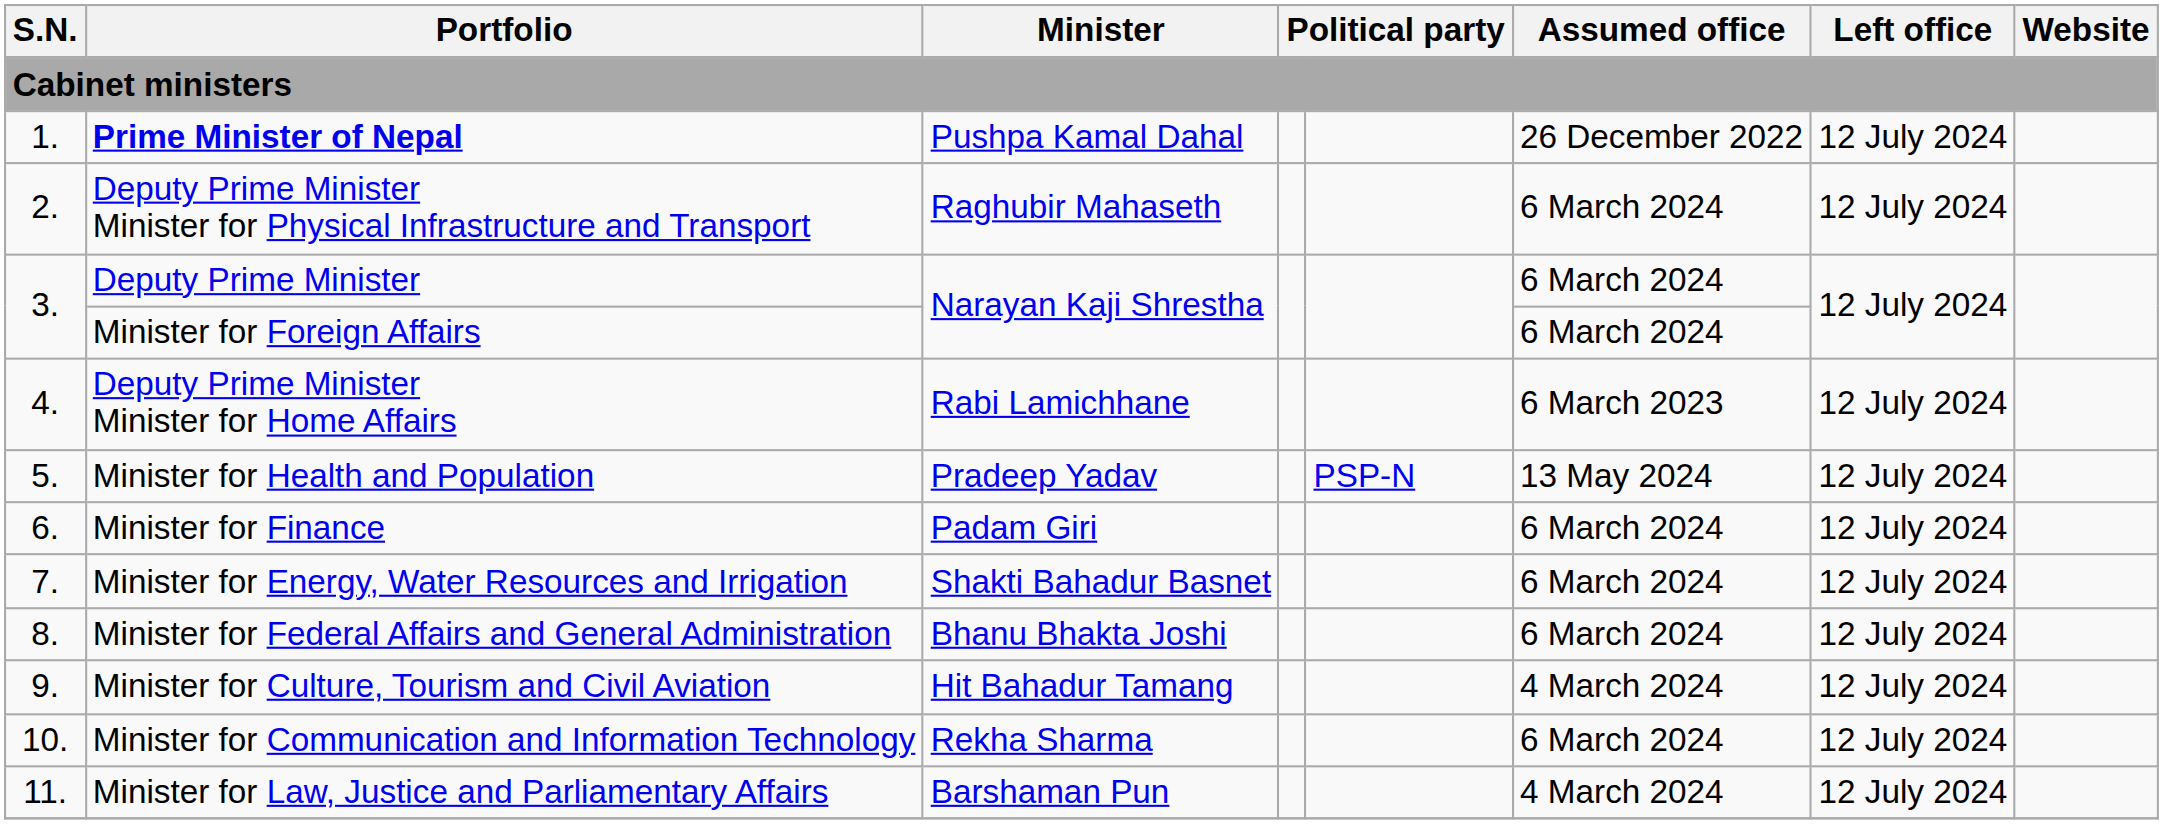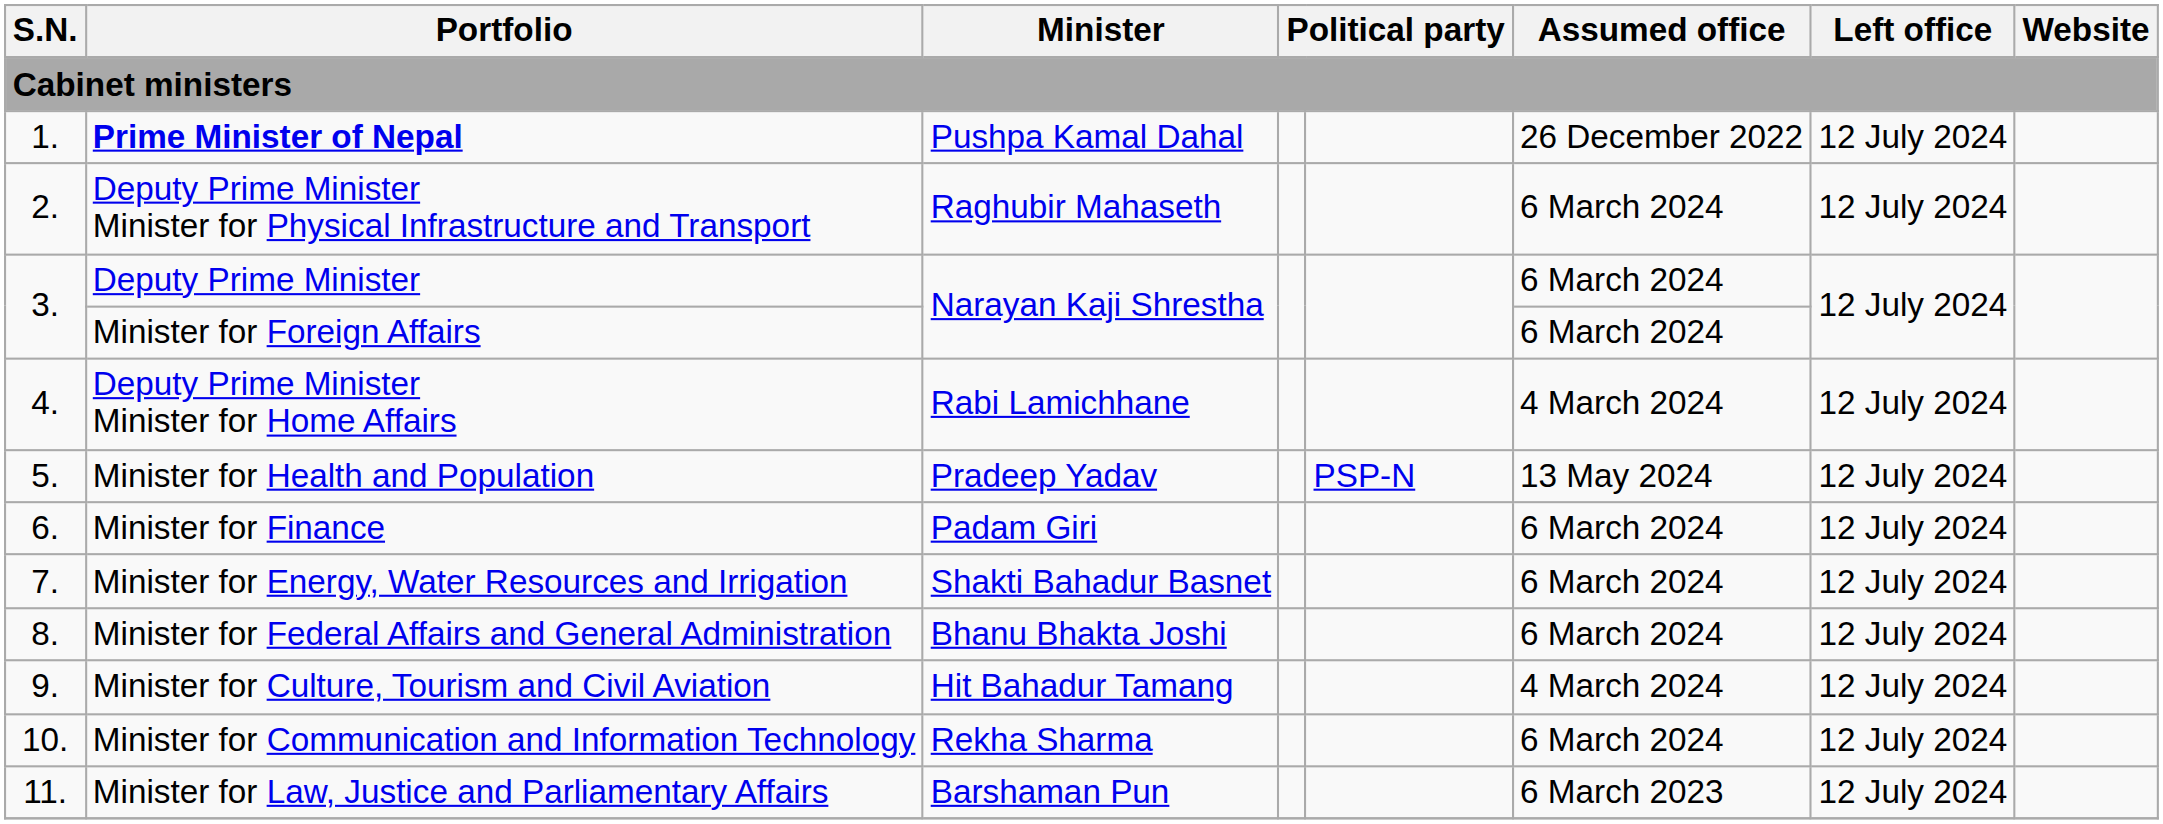 <table class="wikitable">
 <tr>
 <th>S.N.</th>
 <th>Portfolio</th>
 <th>Minister</th>
 <th colspan="2">Political party</th>
 <th>Assumed office</th>
 <th>Left office</th>
 <th>Website</th>
 </tr>
 <tr>
 <td colspan="8" bgcolor="darkgrey"><strong>Cabinet ministers</strong></td>
 </tr>
 <tr>
 <td style="text-align:center;">1.</td>
 <td><strong><a href='#'>Prime Minister of Nepal</a></strong></td>
 <td><a href='#'>Pushpa Kamal Dahal</a></td>
 <td></td>
 <td></td>
 <td>26 December 2022</td>
 <td>12 July 2024</td>
 <td></td>
 </tr>
 <tr>
 <td style="text-align:center;">2.</td>
 <td><a href='#'>Deputy Prime Minister</a><br>Minister for <a href='#'>Physical Infrastructure and Transport</a></td>
 <td><a href='#'>Raghubir Mahaseth</a></td>
 <td></td>
 <td></td>
 <td>6 March 2024</td>
 <td>12 July 2024</td>
 <td></td>
 </tr>
 <tr>
 <td rowspan="2" style="text-align:center;">3.</td>
 <td><a href='#'>Deputy Prime Minister</a></td>
 <td rowspan="2"><a href='#'>Narayan Kaji Shrestha</a></td>
 <td rowspan="2"></td>
 <td rowspan="2"></td>
 <td>6 March 2024</td>
 <td rowspan="2">12 July 2024</td>
 <td rowspan="2"></td>
 </tr>
 <tr>
 <td>Minister for <a href='#'>Foreign Affairs</a></td>
 <td>6 March 2024</td>
 </tr>
 <tr>
 <td style="text-align:center;">4.</td>
 <td><a href='#'>Deputy Prime Minister</a><br>Minister for <a href='#'>Home Affairs</a></td>
 <td><a href='#'>Rabi Lamichhane</a></td>
 <td></td>
 <td></td>
-<td>6 March 2023</td>
+<td>4 March 2024</td>
 <td>12 July 2024</td>
 <td></td>
 </tr>
 <tr>
 <td style="text-align:center;">5.</td>
 <td>Minister for <a href='#'>Health and Population</a></td>
 <td><a href='#'>Pradeep Yadav</a></td>
 <td></td>
 <td><a href='#'>PSP-N</a></td>
 <td>13 May 2024</td>
 <td>12 July 2024</td>
 <td></td>
 </tr>
 <tr>
 <td style="text-align:center;">6.</td>
 <td>Minister for <a href='#'>Finance</a></td>
 <td><a href='#'>Padam Giri</a></td>
 <td></td>
 <td></td>
 <td>6 March 2024</td>
 <td>12 July 2024</td>
 <td></td>
 </tr>
 <tr>
 <td style="text-align:center;">7.</td>
 <td>Minister for <a href='#'>Energy, Water Resources and Irrigation</a></td>
 <td><a href='#'>Shakti Bahadur Basnet</a></td>
 <td></td>
 <td></td>
 <td>6 March 2024</td>
 <td>12 July 2024</td>
 <td> </td>
 </tr>
 <tr>
 <td style="text-align:center;">8.</td>
 <td>Minister for <a href='#'>Federal Affairs and General Administration</a></td>
 <td><a href='#'>Bhanu Bhakta Joshi</a></td>
 <td></td>
 <td></td>
 <td>6 March 2024</td>
 <td>12 July 2024</td>
 <td></td>
 </tr>
 <tr>
 <td style="text-align:center;">9.</td>
 <td>Minister for <a href='#'>Culture, Tourism and Civil Aviation</a></td>
 <td><a href='#'>Hit Bahadur Tamang</a></td>
 <td></td>
 <td></td>
 <td>4 March 2024</td>
 <td>12 July 2024</td>
 <td></td>
 </tr>
 <tr>
 <td style="text-align:center;">10.</td>
 <td>Minister for <a href='#'>Communication and Information Technology</a></td>
 <td><a href='#'>Rekha Sharma</a></td>
 <td></td>
 <td></td>
 <td>6 March 2024</td>
 <td>12 July 2024</td>
 <td></td>
 </tr>
 <tr>
 <td style="text-align:center;">11.</td>
 <td>Minister for <a href='#'>Law, Justice and Parliamentary Affairs</a></td>
 <td><a href='#'>Barshaman Pun</a></td>
 <td></td>
 <td></td>
-<td>4 March 2024</td>
+<td>6 March 2023</td>
 <td>12 July 2024</td>
 <td></td>
 </tr>
 <tr>
 </tr>
 </table>
